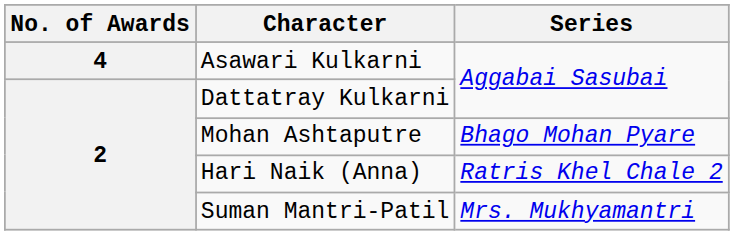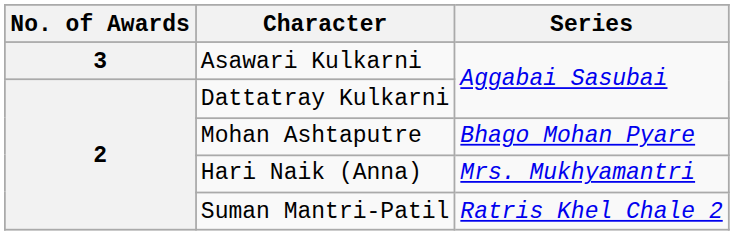 <table class="wikitable" style="display:inline-table;">
 <tr>
 <th>No. of Awards</th>
 <th>Character</th>
 <th>Series</th>
 </tr>
 <tr>
-<th>4</th>
+<th>3</th>
 <td>Asawari Kulkarni</td>
 <td rowspan="2"><em><a href='#'>Aggabai Sasubai</a></em></td>
 </tr>
 <tr>
 <th rowspan="4">2</th>
 <td>Dattatray Kulkarni</td>
 </tr>
 <tr>
 <td>Mohan Ashtaputre</td>
 <td><em><a href='#'>Bhago Mohan Pyare</a></em></td>
 </tr>
 <tr>
 <td>Hari Naik (Anna)</td>
-<td><em><a href='#'>Ratris Khel Chale 2</a></em></td>
+<td><em><a href='#'>Mrs. Mukhyamantri</a></em></td>
 </tr>
 <tr>
 <td>Suman Mantri-Patil</td>
-<td><em><a href='#'>Mrs. Mukhyamantri</a></em></td>
+<td><em><a href='#'>Ratris Khel Chale 2</a></em></td>
 </tr>
 </table>
